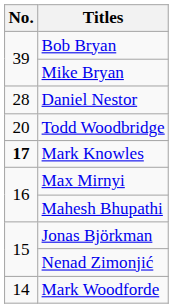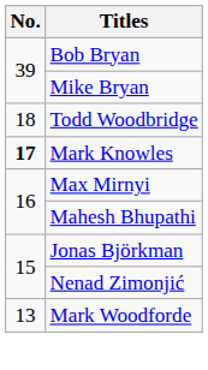 <table class="wikitable nowrap" style="text-align:center; display:inline-table">
 <tr>
 <th scope="col" style="width:20">No.</th>
 <th scope="col">Titles</th>
 </tr>
 <tr>
 <td rowspan="2">39</td>
 <td style="text-align: left;"> <a href='#'>Bob Bryan</a></td>
 </tr>
 <tr>
 <td style="text-align: left;"> <a href='#'>Mike Bryan</a></td>
 </tr>
 <tr>
-<td>28</td>
-<td style="text-align: left;"> <a href='#'>Daniel Nestor</a></td>
-</tr>
-<tr>
-<td>20</td>
+<td>18</td>
 <td style="text-align: left;"> <a href='#'>Todd Woodbridge</a></td>
 </tr>
 <tr>
 <td><strong>17</strong></td>
 <td style="text-align: left;"> <a href='#'>Mark Knowles</a></td>
 </tr>
 <tr>
 <td rowspan="2">16</td>
 <td style="text-align: left;"> <a href='#'>Max Mirnyi</a></td>
 </tr>
 <tr>
 <td style="text-align: left;"> <a href='#'>Mahesh Bhupathi</a></td>
 </tr>
 <tr>
 <td rowspan="2">15</td>
 <td style="text-align: left;"> <a href='#'>Jonas Björkman</a></td>
 </tr>
 <tr>
 <td style="text-align: left;"> <a href='#'>Nenad Zimonjić</a></td>
 </tr>
 <tr>
-<td>14</td>
+<td>13</td>
 <td style="text-align: left;"> <a href='#'>Mark Woodforde</a></td>
 </tr>
 </table>
